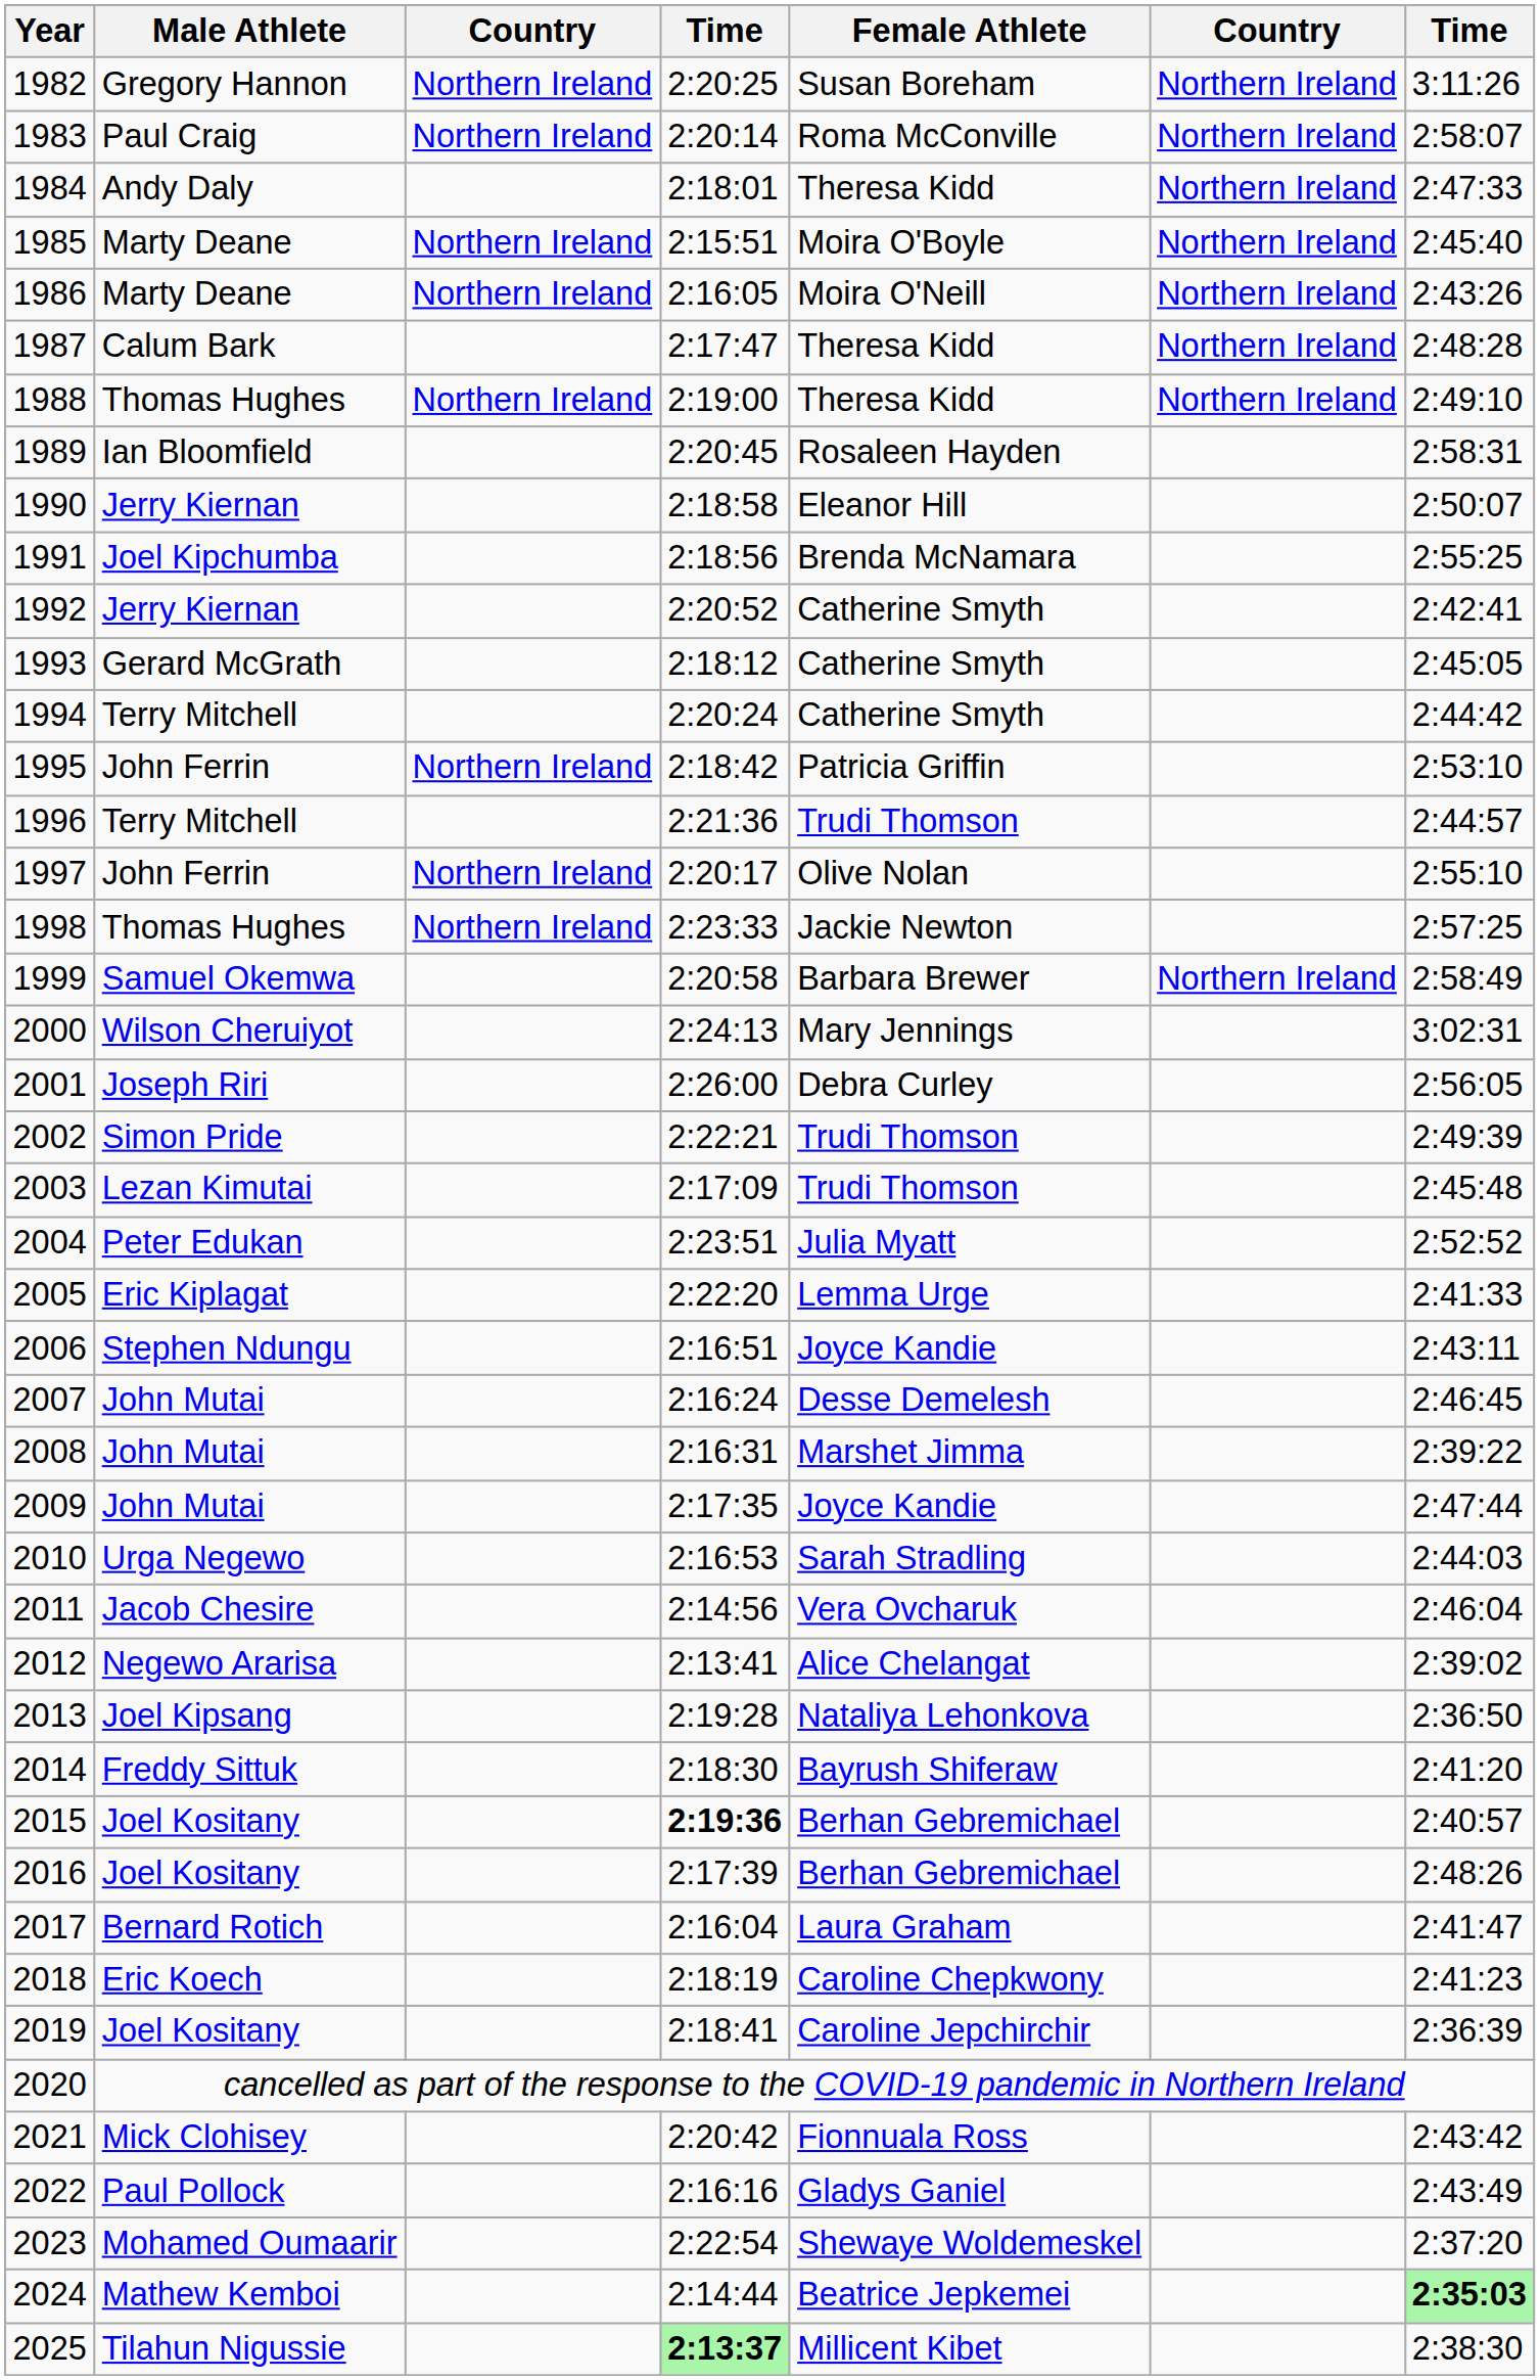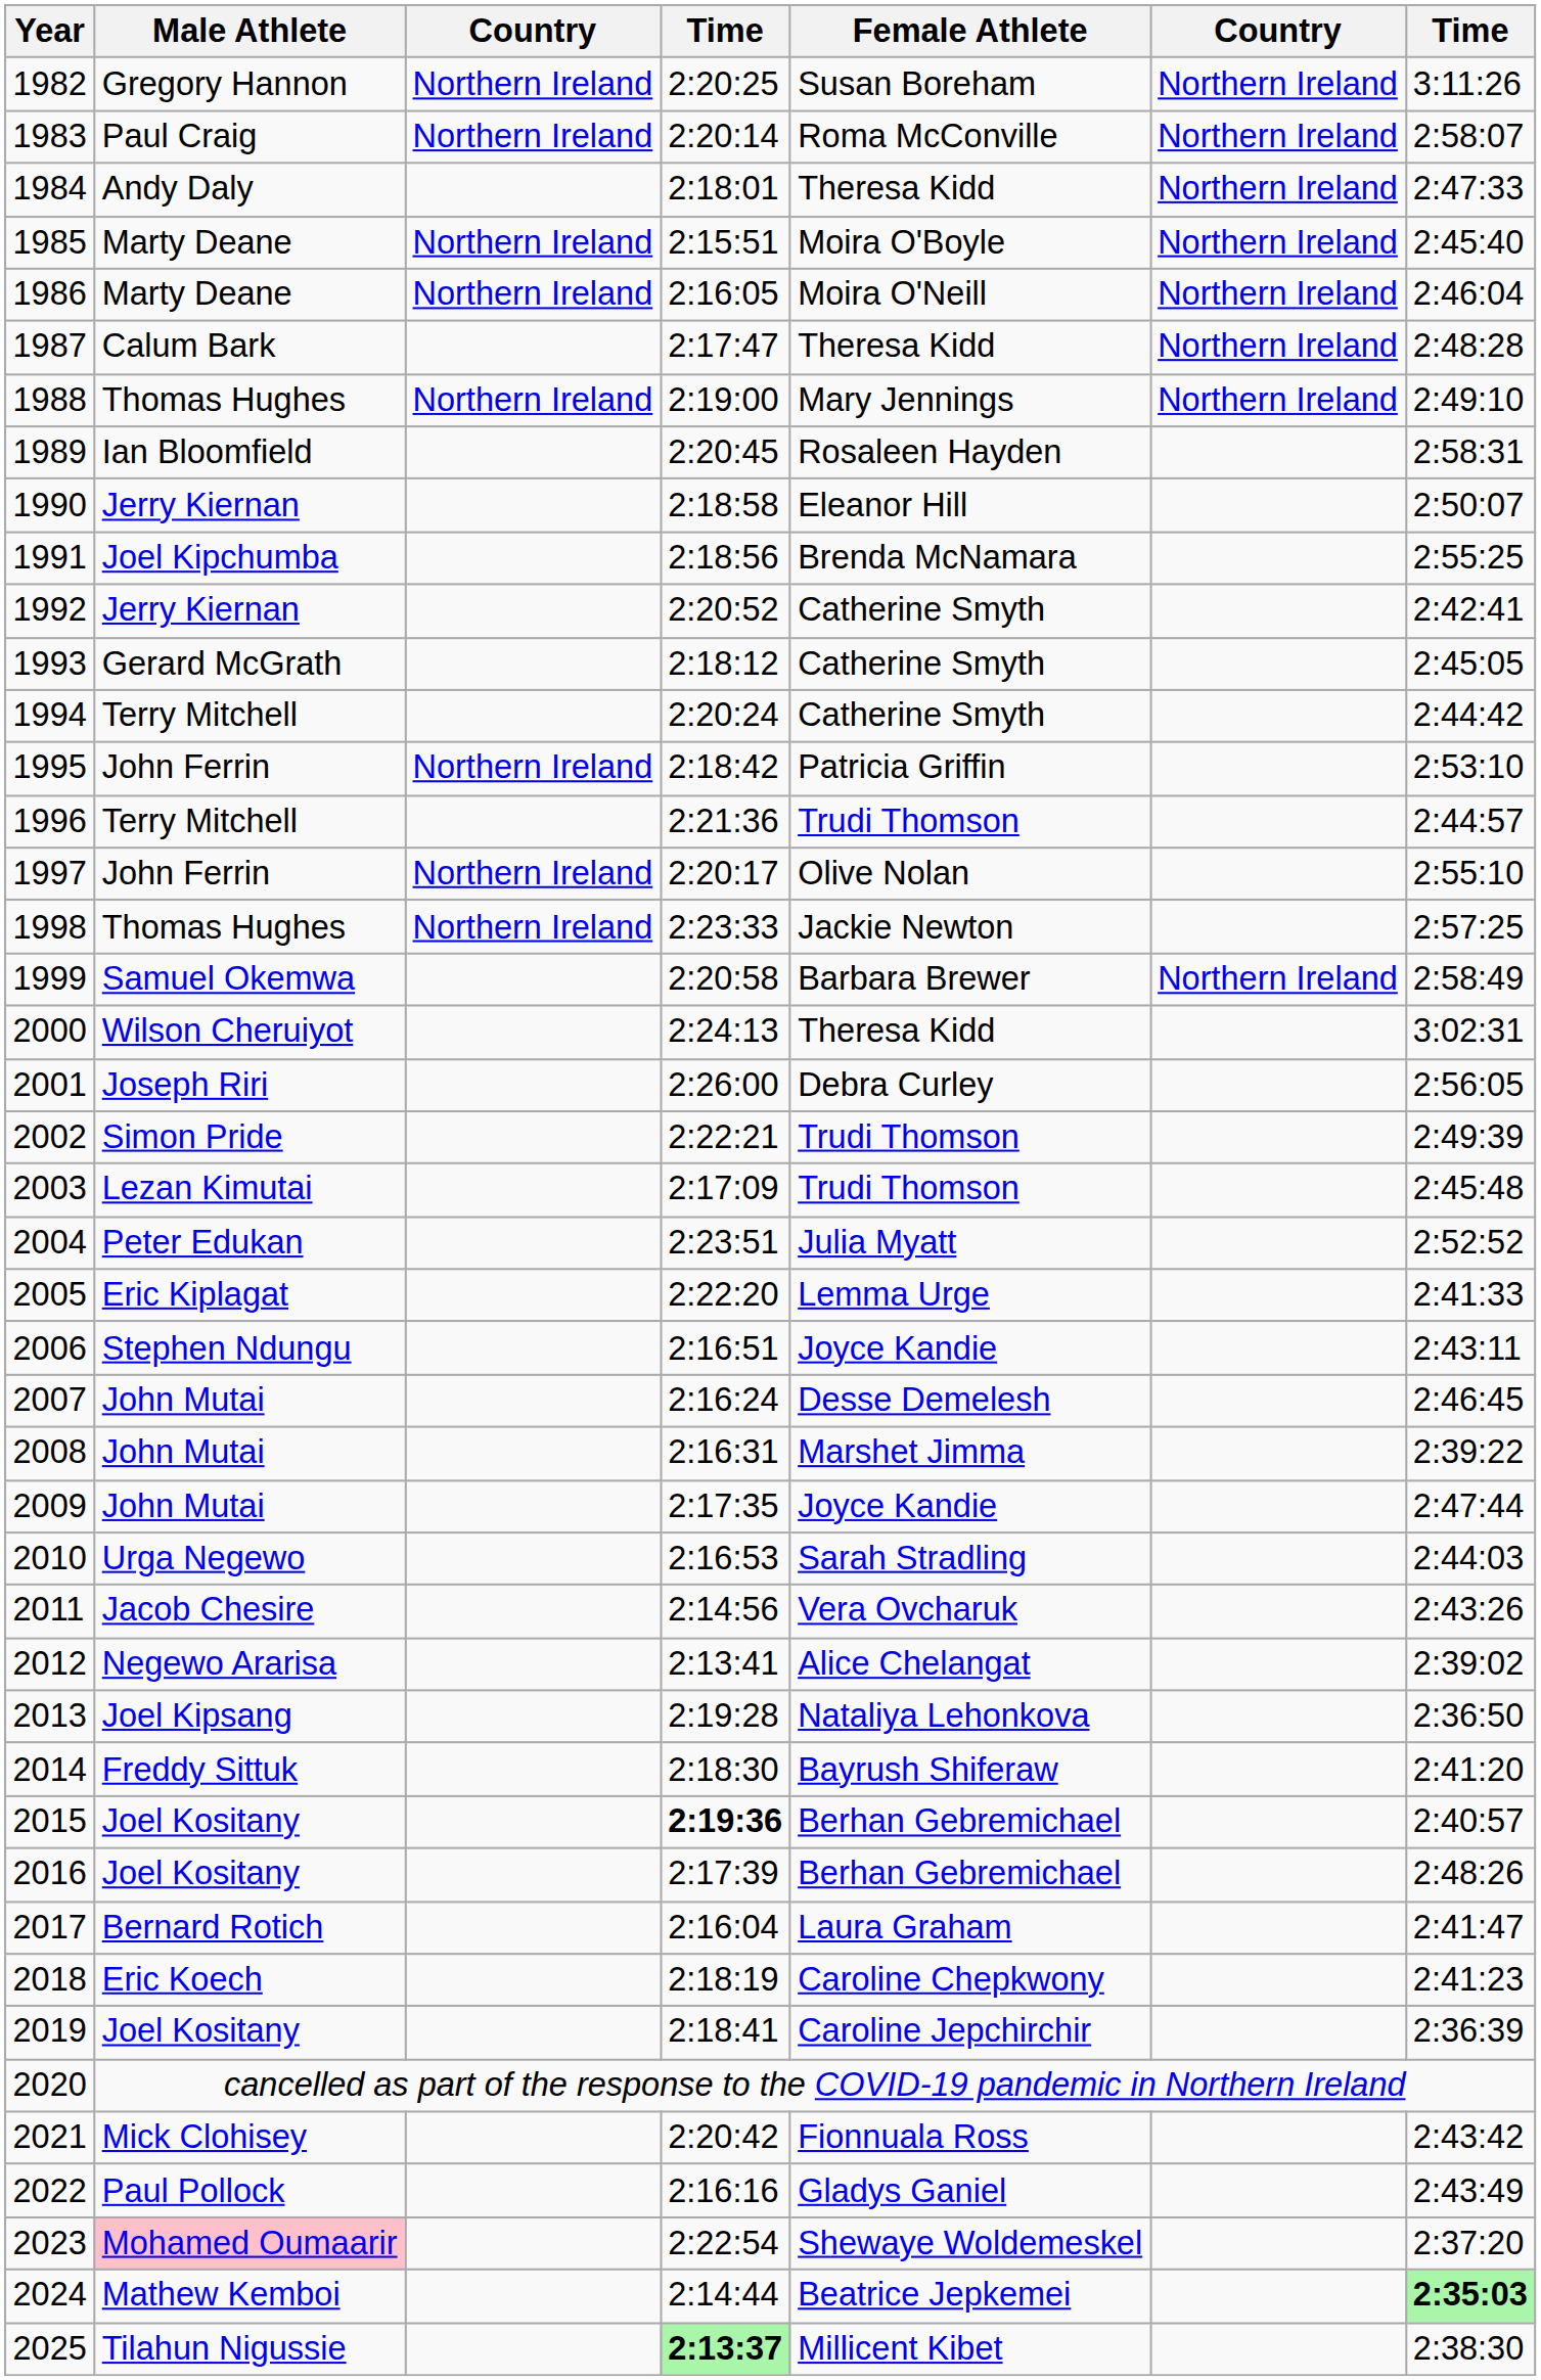 <table class="wikitable sortable" style="left: 1em auto 1em auto">
 <tr style="text-align:left;">
 <th>Year</th>
 <th>Male Athlete</th>
 <th>Country</th>
 <th>Time</th>
 <th>Female Athlete</th>
 <th>Country</th>
 <th>Time</th>
 </tr>
 <tr>
 <td>1982</td>
 <td>Gregory Hannon</td>
 <td><a href='#'>Northern Ireland</a></td>
 <td>2:20:25</td>
 <td>Susan Boreham</td>
 <td><a href='#'>Northern Ireland</a></td>
 <td>3:11:26</td>
 </tr>
 <tr>
 <td>1983</td>
 <td>Paul Craig</td>
 <td><a href='#'>Northern Ireland</a></td>
 <td>2:20:14</td>
 <td>Roma McConville</td>
 <td><a href='#'>Northern Ireland</a></td>
 <td>2:58:07</td>
 </tr>
 <tr>
 <td>1984</td>
 <td>Andy Daly</td>
 <td></td>
 <td>2:18:01</td>
 <td>Theresa Kidd</td>
 <td><a href='#'>Northern Ireland</a></td>
 <td>2:47:33</td>
 </tr>
 <tr>
 <td>1985</td>
 <td>Marty Deane</td>
 <td><a href='#'>Northern Ireland</a></td>
 <td>2:15:51</td>
 <td>Moira O'Boyle</td>
 <td><a href='#'>Northern Ireland</a></td>
 <td>2:45:40</td>
 </tr>
 <tr>
 <td>1986</td>
 <td>Marty Deane</td>
 <td><a href='#'>Northern Ireland</a></td>
 <td>2:16:05</td>
 <td>Moira O'Neill</td>
 <td><a href='#'>Northern Ireland</a></td>
-<td>2:43:26</td>
+<td>2:46:04</td>
 </tr>
 <tr>
 <td>1987</td>
 <td>Calum Bark</td>
 <td></td>
 <td>2:17:47</td>
 <td>Theresa Kidd</td>
 <td><a href='#'>Northern Ireland</a></td>
 <td>2:48:28</td>
 </tr>
 <tr>
 <td>1988</td>
 <td>Thomas Hughes</td>
 <td><a href='#'>Northern Ireland</a></td>
 <td>2:19:00</td>
-<td>Theresa Kidd</td>
+<td>Mary Jennings</td>
 <td><a href='#'>Northern Ireland</a></td>
 <td>2:49:10</td>
 </tr>
 <tr>
 <td>1989</td>
 <td>Ian Bloomfield</td>
 <td></td>
 <td>2:20:45</td>
 <td>Rosaleen Hayden</td>
 <td></td>
 <td>2:58:31</td>
 </tr>
 <tr>
 <td>1990</td>
 <td><a href='#'>Jerry Kiernan</a></td>
 <td></td>
 <td>2:18:58</td>
 <td>Eleanor Hill</td>
 <td></td>
 <td>2:50:07</td>
 </tr>
 <tr>
 <td>1991</td>
 <td><a href='#'>Joel Kipchumba</a></td>
 <td></td>
 <td>2:18:56</td>
 <td>Brenda McNamara</td>
 <td></td>
 <td>2:55:25</td>
 </tr>
 <tr>
 <td>1992</td>
 <td><a href='#'>Jerry Kiernan</a></td>
 <td></td>
 <td>2:20:52</td>
 <td>Catherine Smyth</td>
 <td></td>
 <td>2:42:41</td>
 </tr>
 <tr>
 <td>1993</td>
 <td>Gerard McGrath</td>
 <td></td>
 <td>2:18:12</td>
 <td>Catherine Smyth</td>
 <td></td>
 <td>2:45:05</td>
 </tr>
 <tr>
 <td>1994</td>
 <td>Terry Mitchell</td>
 <td></td>
 <td>2:20:24</td>
 <td>Catherine Smyth</td>
 <td></td>
 <td>2:44:42</td>
 </tr>
 <tr>
 <td>1995</td>
 <td>John Ferrin</td>
 <td><a href='#'>Northern Ireland</a></td>
 <td>2:18:42</td>
 <td>Patricia Griffin</td>
 <td></td>
 <td>2:53:10</td>
 </tr>
 <tr>
 <td>1996</td>
 <td>Terry Mitchell</td>
 <td></td>
 <td>2:21:36</td>
 <td><a href='#'>Trudi Thomson</a></td>
 <td></td>
 <td>2:44:57</td>
 </tr>
 <tr>
 <td>1997</td>
 <td>John Ferrin</td>
 <td><a href='#'>Northern Ireland</a></td>
 <td>2:20:17</td>
 <td>Olive Nolan</td>
 <td></td>
 <td>2:55:10</td>
 </tr>
 <tr>
 <td>1998</td>
 <td>Thomas Hughes</td>
 <td><a href='#'>Northern Ireland</a></td>
 <td>2:23:33</td>
 <td>Jackie Newton</td>
 <td></td>
 <td>2:57:25</td>
 </tr>
 <tr>
 <td>1999</td>
 <td><a href='#'>Samuel Okemwa</a></td>
 <td></td>
 <td>2:20:58</td>
 <td>Barbara Brewer</td>
 <td><a href='#'>Northern Ireland</a></td>
 <td>2:58:49</td>
 </tr>
 <tr>
 <td>2000</td>
 <td><a href='#'>Wilson Cheruiyot</a></td>
 <td></td>
 <td>2:24:13</td>
-<td>Mary Jennings</td>
+<td>Theresa Kidd</td>
 <td></td>
 <td>3:02:31</td>
 </tr>
 <tr>
 <td>2001</td>
 <td><a href='#'>Joseph Riri</a></td>
 <td></td>
 <td>2:26:00</td>
 <td>Debra Curley</td>
 <td></td>
 <td>2:56:05</td>
 </tr>
 <tr>
 <td>2002</td>
 <td><a href='#'>Simon Pride</a></td>
 <td></td>
 <td>2:22:21</td>
 <td><a href='#'>Trudi Thomson</a></td>
 <td></td>
 <td>2:49:39</td>
 </tr>
 <tr>
 <td>2003</td>
 <td><a href='#'>Lezan Kimutai</a></td>
 <td></td>
 <td>2:17:09</td>
 <td><a href='#'>Trudi Thomson</a></td>
 <td></td>
 <td>2:45:48</td>
 </tr>
 <tr>
 <td>2004</td>
 <td><a href='#'>Peter Edukan</a></td>
 <td></td>
 <td>2:23:51</td>
 <td><a href='#'>Julia Myatt</a></td>
 <td></td>
 <td>2:52:52</td>
 </tr>
 <tr>
 <td>2005</td>
 <td><a href='#'>Eric Kiplagat</a></td>
 <td></td>
 <td>2:22:20</td>
 <td><a href='#'>Lemma Urge</a></td>
 <td></td>
 <td>2:41:33</td>
 </tr>
 <tr>
 <td>2006</td>
 <td><a href='#'>Stephen Ndungu</a></td>
 <td></td>
 <td>2:16:51</td>
 <td><a href='#'>Joyce Kandie</a></td>
 <td></td>
 <td>2:43:11</td>
 </tr>
 <tr>
 <td>2007</td>
 <td><a href='#'>John Mutai</a></td>
 <td></td>
 <td>2:16:24</td>
 <td><a href='#'>Desse Demelesh</a></td>
 <td></td>
 <td>2:46:45</td>
 </tr>
 <tr>
 <td>2008</td>
 <td><a href='#'>John Mutai</a></td>
 <td></td>
 <td>2:16:31</td>
 <td><a href='#'>Marshet Jimma</a></td>
 <td></td>
 <td>2:39:22</td>
 </tr>
 <tr>
 <td>2009</td>
 <td><a href='#'>John Mutai</a></td>
 <td></td>
 <td>2:17:35</td>
 <td><a href='#'>Joyce Kandie</a></td>
 <td></td>
 <td>2:47:44</td>
 </tr>
 <tr>
 <td>2010</td>
 <td><a href='#'>Urga Negewo</a></td>
 <td></td>
 <td>2:16:53</td>
 <td><a href='#'>Sarah Stradling</a></td>
 <td></td>
 <td>2:44:03</td>
 </tr>
 <tr>
 <td>2011</td>
 <td><a href='#'>Jacob Chesire</a></td>
 <td></td>
 <td>2:14:56</td>
 <td><a href='#'>Vera Ovcharuk</a></td>
 <td></td>
-<td>2:46:04</td>
+<td>2:43:26</td>
 </tr>
 <tr>
 <td>2012</td>
 <td><a href='#'>Negewo Ararisa</a></td>
 <td></td>
 <td>2:13:41</td>
 <td><a href='#'>Alice Chelangat</a></td>
 <td></td>
 <td>2:39:02</td>
 </tr>
 <tr>
 <td>2013</td>
 <td><a href='#'>Joel Kipsang</a></td>
 <td></td>
 <td>2:19:28</td>
 <td><a href='#'>Nataliya Lehonkova</a></td>
 <td></td>
 <td>2:36:50</td>
 </tr>
 <tr>
 <td>2014</td>
 <td><a href='#'>Freddy Sittuk</a></td>
 <td></td>
 <td>2:18:30</td>
 <td><a href='#'>Bayrush Shiferaw</a></td>
 <td></td>
 <td>2:41:20</td>
 </tr>
 <tr>
 <td>2015</td>
 <td><a href='#'>Joel Kositany</a></td>
 <td></td>
 <td><strong>2:19:36</strong></td>
 <td><a href='#'>Berhan Gebremichael</a></td>
 <td></td>
 <td>2:40:57</td>
 </tr>
 <tr>
 <td>2016</td>
 <td><a href='#'>Joel Kositany</a></td>
 <td></td>
 <td>2:17:39</td>
 <td><a href='#'>Berhan Gebremichael</a></td>
 <td></td>
 <td>2:48:26</td>
 </tr>
 <tr>
 <td>2017</td>
 <td><a href='#'>Bernard Rotich</a></td>
 <td></td>
 <td>2:16:04</td>
 <td><a href='#'>Laura Graham</a></td>
 <td></td>
 <td>2:41:47</td>
 </tr>
 <tr>
 <td>2018</td>
 <td><a href='#'>Eric Koech</a></td>
 <td></td>
 <td>2:18:19</td>
 <td><a href='#'>Caroline Chepkwony</a></td>
 <td></td>
 <td>2:41:23</td>
 </tr>
 <tr>
 <td>2019</td>
 <td><a href='#'>Joel Kositany</a></td>
 <td></td>
 <td>2:18:41</td>
 <td><a href='#'>Caroline Jepchirchir</a></td>
 <td></td>
 <td>2:36:39</td>
 </tr>
 <tr>
 <td>2020</td>
 <td colspan="6" style="text-align:center;"><em>cancelled as part of the response to the <a href='#'>COVID-19 pandemic in Northern Ireland</a></em></td>
 </tr>
 <tr>
 <td>2021</td>
 <td><a href='#'>Mick Clohisey</a></td>
 <td></td>
 <td>2:20:42</td>
 <td><a href='#'>Fionnuala Ross</a></td>
 <td></td>
 <td>2:43:42</td>
 </tr>
 <tr>
 <td>2022</td>
 <td><a href='#'>Paul Pollock</a></td>
 <td></td>
 <td>2:16:16</td>
 <td><a href='#'>Gladys Ganiel</a></td>
 <td></td>
 <td>2:43:49</td>
 </tr>
 <tr>
 <td>2023</td>
-<td><a href='#'>Mohamed Oumaarir</a></td>
+<td style="background: pink;"><a href='#'>Mohamed Oumaarir</a></td>
 <td></td>
 <td>2:22:54</td>
 <td><a href='#'>Shewaye Woldemeskel</a></td>
 <td></td>
 <td>2:37:20</td>
 </tr>
 <tr>
 <td>2024</td>
 <td><a href='#'>Mathew Kemboi</a></td>
 <td></td>
 <td>2:14:44</td>
 <td><a href='#'>Beatrice Jepkemei</a></td>
 <td></td>
 <td style="background:#a9f5a9;"><strong>2:35:03</strong></td>
 </tr>
 <tr>
 <td>2025</td>
 <td><a href='#'>Tilahun Nigussie</a></td>
 <td></td>
 <td style="background:#a9f5a9;"><strong>2:13:37</strong></td>
 <td><a href='#'>Millicent Kibet</a></td>
 <td></td>
 <td>2:38:30</td>
 </tr>
 </table>
